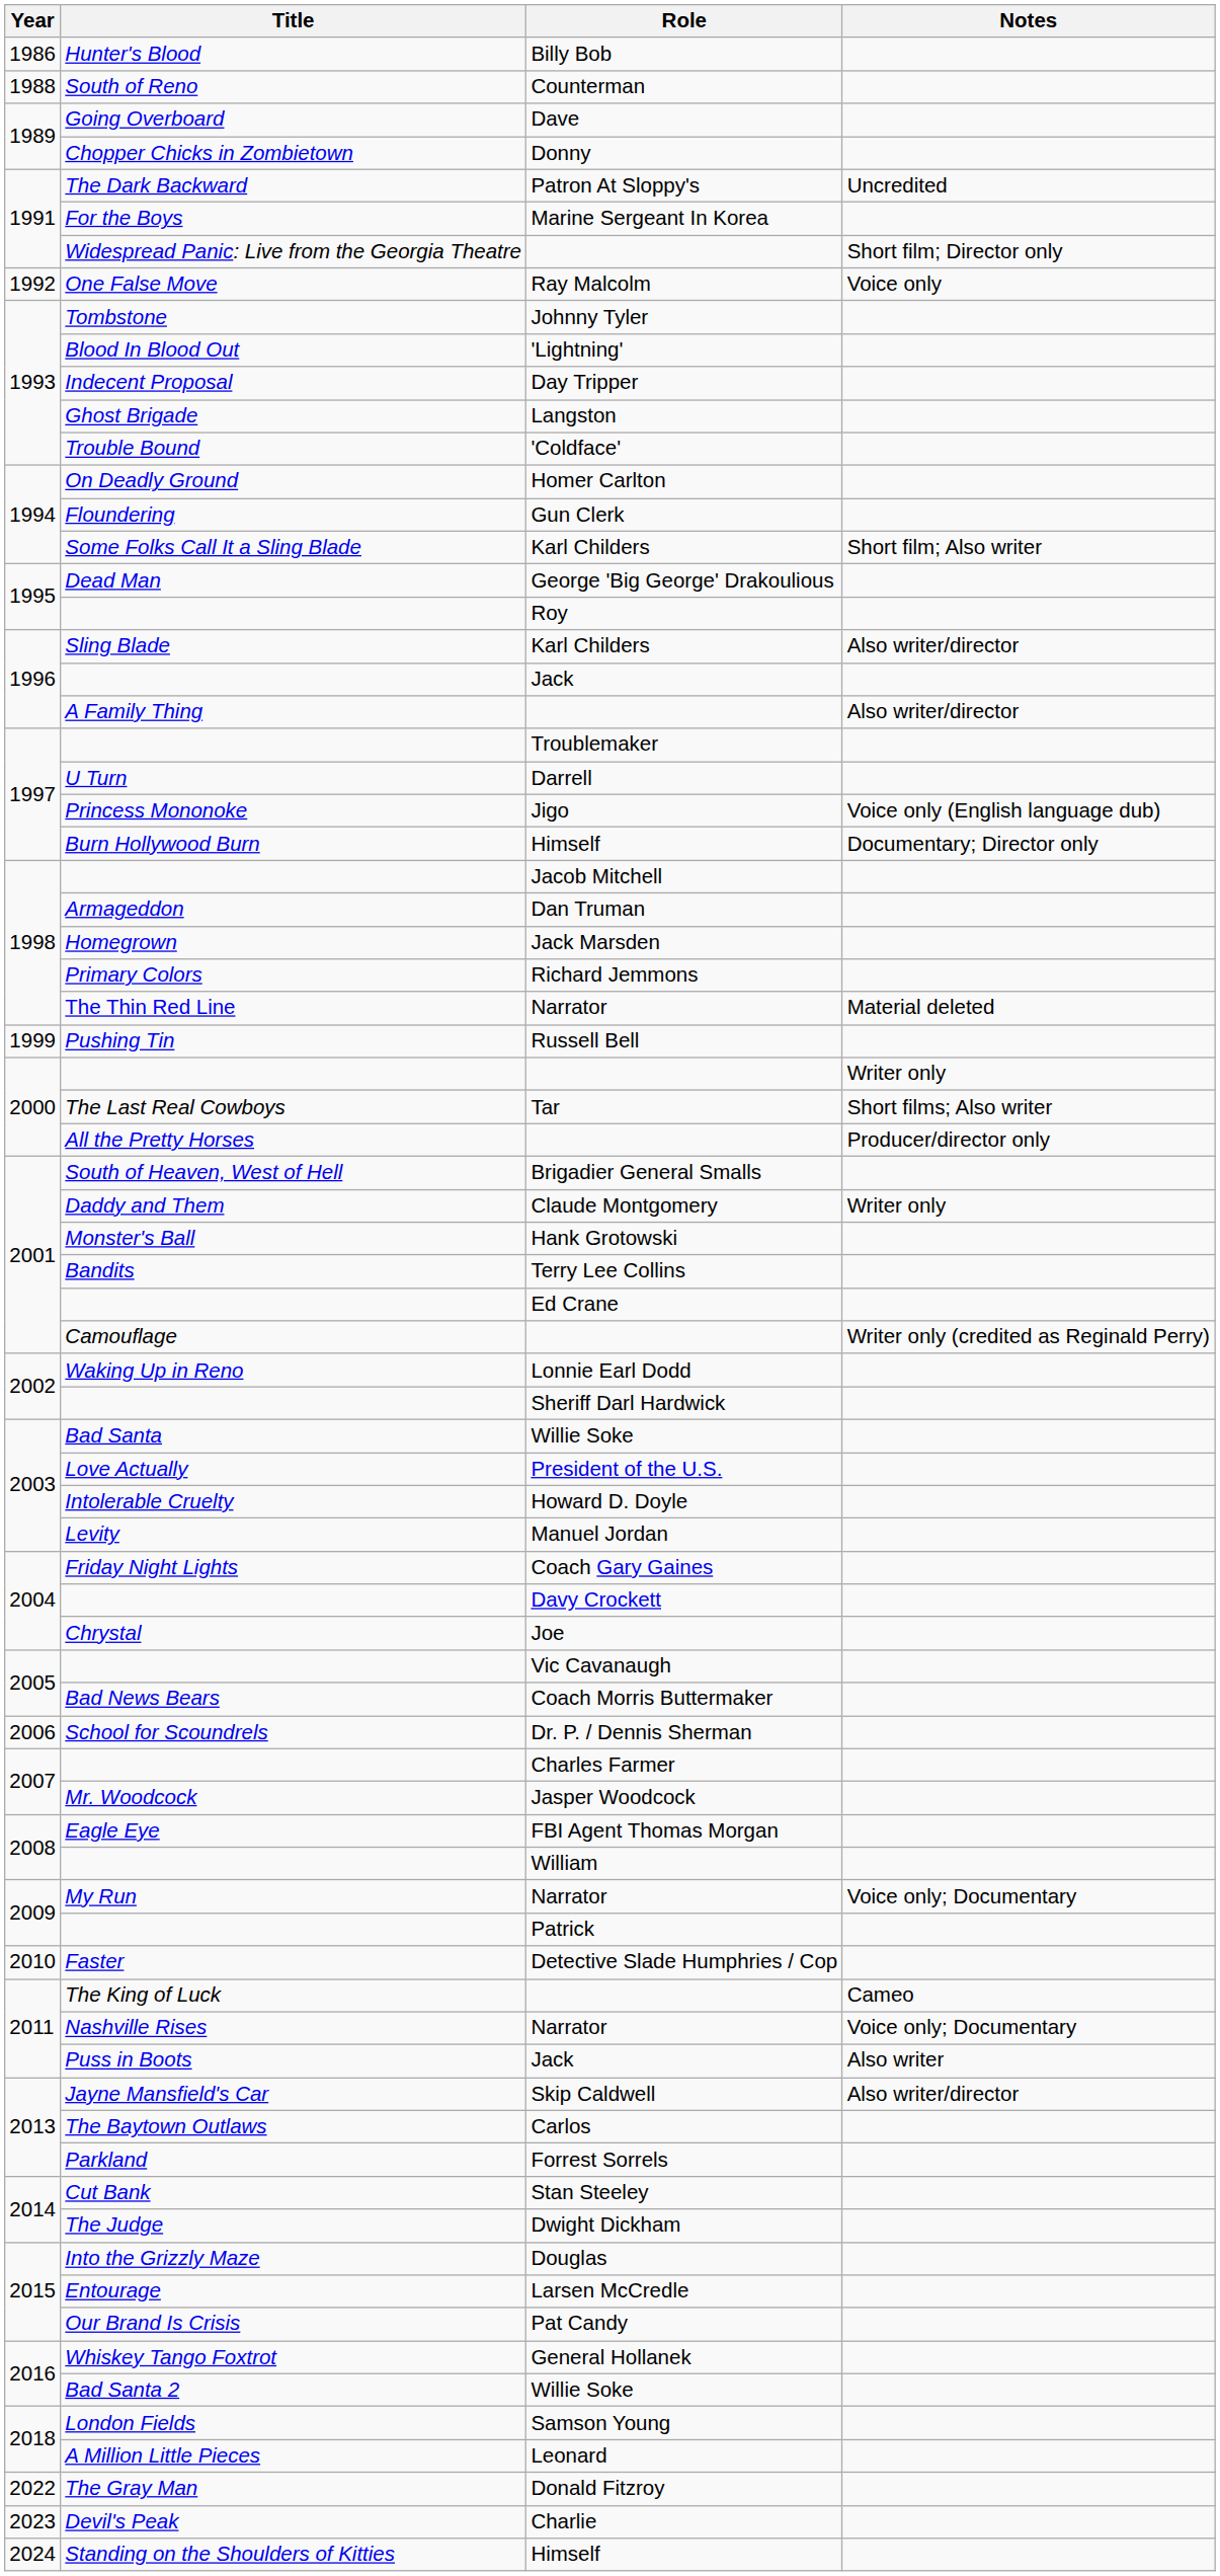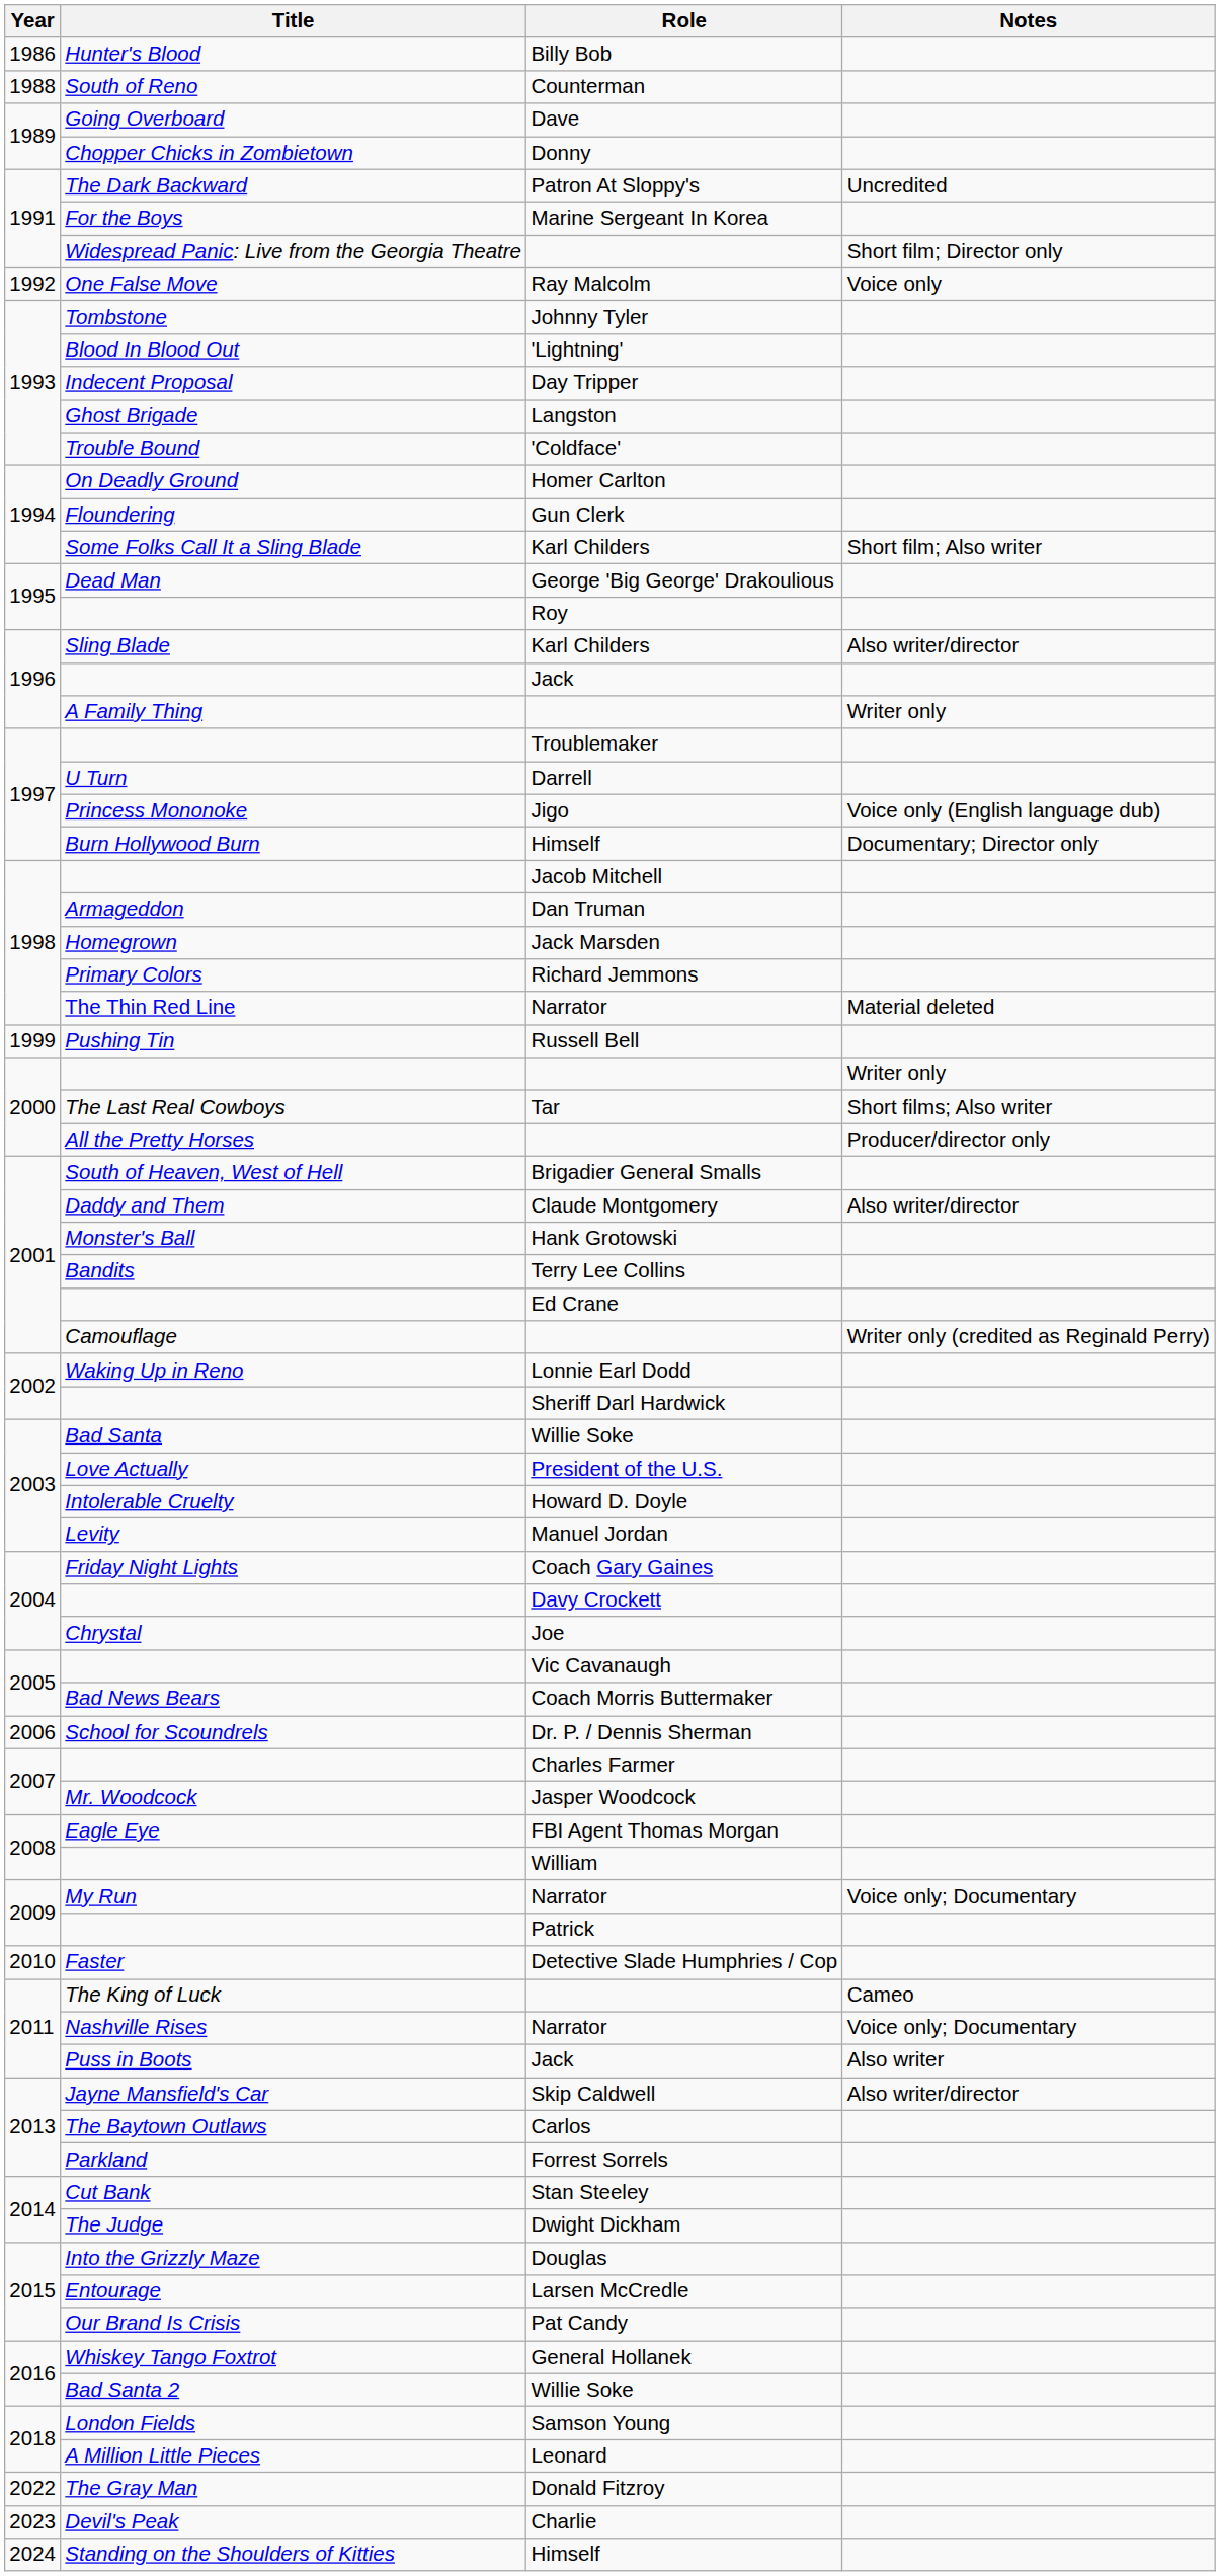 <table class="wikitable sortable">
 <tr>
 <th>Year</th>
 <th>Title</th>
 <th>Role</th>
 <th class="unsortable">Notes</th>
 </tr>
 <tr>
 <td>1986</td>
 <td><em><a href='#'>Hunter's Blood</a></em></td>
 <td>Billy Bob</td>
 <td></td>
 </tr>
 <tr>
 <td>1988</td>
 <td><em><a href='#'>South of Reno</a></em></td>
 <td>Counterman</td>
 <td></td>
 </tr>
 <tr>
 <td rowspan="2">1989</td>
 <td><em><a href='#'>Going Overboard</a></em></td>
 <td>Dave</td>
 <td></td>
 </tr>
 <tr>
 <td><em><a href='#'>Chopper Chicks in Zombietown</a></em></td>
 <td>Donny</td>
 <td></td>
 </tr>
 <tr>
 <td rowspan="3">1991</td>
 <td><em><a href='#'>The Dark Backward</a></em></td>
 <td>Patron At Sloppy's</td>
 <td>Uncredited</td>
 </tr>
 <tr>
 <td><em><a href='#'>For the Boys</a></em></td>
 <td>Marine Sergeant In Korea</td>
 <td></td>
 </tr>
 <tr>
 <td><em><a href='#'>Widespread Panic</a>: Live from the Georgia Theatre</em></td>
 <td></td>
 <td>Short film; Director only</td>
 </tr>
 <tr>
 <td>1992</td>
 <td><em><a href='#'>One False Move</a></em></td>
 <td>Ray Malcolm</td>
 <td>Voice only</td>
 </tr>
 <tr>
 <td rowspan="5">1993</td>
 <td><em><a href='#'>Tombstone</a></em></td>
 <td>Johnny Tyler</td>
 <td></td>
 </tr>
 <tr>
 <td><em><a href='#'>Blood In Blood Out</a></em></td>
 <td>'Lightning'</td>
 <td></td>
 </tr>
 <tr>
 <td><em><a href='#'>Indecent Proposal</a></em></td>
 <td>Day Tripper</td>
 <td></td>
 </tr>
 <tr>
 <td><em><a href='#'>Ghost Brigade</a></em></td>
 <td>Langston</td>
 <td></td>
 </tr>
 <tr>
 <td><em><a href='#'>Trouble Bound</a></em></td>
 <td>'Coldface'</td>
 <td></td>
 </tr>
 <tr>
 <td rowspan="3">1994</td>
 <td><em><a href='#'>On Deadly Ground</a></em></td>
 <td>Homer Carlton</td>
 <td></td>
 </tr>
 <tr>
 <td><em><a href='#'>Floundering</a></em></td>
 <td>Gun Clerk</td>
 <td></td>
 </tr>
 <tr>
 <td><em><a href='#'>Some Folks Call It a Sling Blade</a></em></td>
 <td>Karl Childers</td>
 <td>Short film; Also writer</td>
 </tr>
 <tr>
 <td rowspan="2">1995</td>
 <td><em><a href='#'>Dead Man</a></em></td>
 <td>George 'Big George' Drakoulious</td>
 <td></td>
 </tr>
 <tr>
 <td><em></em></td>
 <td>Roy</td>
 <td></td>
 </tr>
 <tr>
 <td rowspan="3">1996</td>
 <td><em><a href='#'>Sling Blade</a></em></td>
 <td>Karl Childers</td>
 <td>Also writer/director</td>
 </tr>
 <tr>
 <td><em></em></td>
 <td>Jack</td>
 <td></td>
 </tr>
 <tr>
 <td><em><a href='#'>A Family Thing</a></em></td>
 <td></td>
-<td>Also writer/director</td>
+<td>Writer only</td>
 </tr>
 <tr>
 <td rowspan="4">1997</td>
 <td><em></em></td>
 <td>Troublemaker</td>
 <td></td>
 </tr>
 <tr>
 <td><em><a href='#'>U Turn</a></em></td>
 <td>Darrell</td>
 <td></td>
 </tr>
 <tr>
 <td><em><a href='#'>Princess Mononoke</a></em></td>
 <td>Jigo</td>
 <td>Voice only (English language dub)</td>
 </tr>
 <tr>
 <td><em><a href='#'>Burn Hollywood Burn</a></em></td>
 <td>Himself</td>
 <td>Documentary; Director only</td>
 </tr>
 <tr>
 <td rowspan="5">1998</td>
 <td><em></em></td>
 <td>Jacob Mitchell</td>
 <td></td>
 </tr>
 <tr>
 <td><em><a href='#'>Armageddon</a></em></td>
 <td>Dan Truman</td>
 <td></td>
 </tr>
 <tr>
 <td><em><a href='#'>Homegrown</a></em></td>
 <td>Jack Marsden</td>
 <td></td>
 </tr>
 <tr>
 <td><em><a href='#'>Primary Colors</a></em></td>
 <td>Richard Jemmons</td>
 <td></td>
 </tr>
 <tr>
 <td><em><a href='#'></em>The Thin Red Line<em></a></em></td>
 <td>Narrator</td>
 <td>Material deleted </td>
 </tr>
 <tr>
 <td>1999</td>
 <td><em><a href='#'>Pushing Tin</a></em></td>
 <td>Russell Bell</td>
 <td></td>
 </tr>
 <tr>
 <td rowspan="3">2000</td>
 <td><em></em></td>
 <td></td>
 <td>Writer only</td>
 </tr>
 <tr>
 <td><em>The Last Real Cowboys</em></td>
 <td>Tar</td>
 <td>Short films; Also writer</td>
 </tr>
 <tr>
 <td><em><a href='#'>All the Pretty Horses</a></em></td>
 <td></td>
 <td>Producer/director only</td>
 </tr>
 <tr>
 <td rowspan="6">2001</td>
 <td><em><a href='#'>South of Heaven, West of Hell</a></em></td>
 <td>Brigadier General Smalls</td>
 <td></td>
 </tr>
 <tr>
 <td><em><a href='#'>Daddy and Them</a></em></td>
 <td>Claude Montgomery</td>
-<td>Writer only</td>
+<td>Also writer/director</td>
 </tr>
 <tr>
 <td><em><a href='#'>Monster's Ball</a></em></td>
 <td>Hank Grotowski</td>
 <td></td>
 </tr>
 <tr>
 <td><em><a href='#'>Bandits</a></em></td>
 <td>Terry Lee Collins</td>
 <td></td>
 </tr>
 <tr>
 <td><em></em></td>
 <td>Ed Crane</td>
 <td></td>
 </tr>
 <tr>
 <td><em>Camouflage</em></td>
 <td></td>
 <td>Writer only (credited as Reginald Perry)</td>
 </tr>
 <tr>
 <td rowspan="2">2002</td>
 <td><em><a href='#'>Waking Up in Reno</a></em></td>
 <td>Lonnie Earl Dodd</td>
 <td></td>
 </tr>
 <tr>
 <td><em></em></td>
 <td>Sheriff Darl Hardwick</td>
 <td></td>
 </tr>
 <tr>
 <td rowspan="4">2003</td>
 <td><em><a href='#'>Bad Santa</a></em></td>
 <td>Willie Soke</td>
 <td></td>
 </tr>
 <tr>
 <td><em><a href='#'>Love Actually</a></em></td>
 <td><a href='#'>President of the U.S.</a></td>
 <td></td>
 </tr>
 <tr>
 <td><em><a href='#'>Intolerable Cruelty</a></em></td>
 <td>Howard D. Doyle</td>
 <td></td>
 </tr>
 <tr>
 <td><em><a href='#'>Levity</a></em></td>
 <td>Manuel Jordan</td>
 <td></td>
 </tr>
 <tr>
 <td rowspan="3">2004</td>
 <td><em><a href='#'>Friday Night Lights</a></em></td>
 <td>Coach <a href='#'>Gary Gaines</a></td>
 <td></td>
 </tr>
 <tr>
 <td><em></em></td>
 <td><a href='#'>Davy Crockett</a></td>
 <td></td>
 </tr>
 <tr>
 <td><em><a href='#'>Chrystal</a></em></td>
 <td>Joe</td>
 <td></td>
 </tr>
 <tr>
 <td rowspan="2">2005</td>
 <td><em></em></td>
 <td>Vic Cavanaugh</td>
 <td></td>
 </tr>
 <tr>
 <td><em><a href='#'>Bad News Bears</a></em></td>
 <td>Coach Morris Buttermaker</td>
 <td></td>
 </tr>
 <tr>
 <td>2006</td>
 <td><em><a href='#'>School for Scoundrels</a></em></td>
 <td>Dr. P. / Dennis Sherman</td>
 <td></td>
 </tr>
 <tr>
 <td rowspan="2">2007</td>
 <td><em></em></td>
 <td>Charles Farmer</td>
 <td></td>
 </tr>
 <tr>
 <td><em><a href='#'>Mr. Woodcock</a></em></td>
 <td>Jasper Woodcock</td>
 <td></td>
 </tr>
 <tr>
 <td rowspan="2">2008</td>
 <td><em><a href='#'>Eagle Eye</a></em></td>
 <td>FBI Agent Thomas Morgan</td>
 <td></td>
 </tr>
 <tr>
 <td><em></em></td>
 <td>William</td>
 <td></td>
 </tr>
 <tr>
 <td rowspan="2">2009</td>
 <td><em><a href='#'>My Run</a></em></td>
 <td>Narrator</td>
 <td>Voice only; Documentary</td>
 </tr>
 <tr>
 <td><em></em></td>
 <td>Patrick</td>
 <td></td>
 </tr>
 <tr>
 <td>2010</td>
 <td><em><a href='#'>Faster</a></em></td>
 <td>Detective Slade Humphries / Cop</td>
 <td></td>
 </tr>
 <tr>
 <td rowspan="3">2011</td>
 <td><em>The King of Luck</em></td>
 <td></td>
 <td>Cameo</td>
 </tr>
 <tr>
 <td><em><a href='#'>Nashville Rises</a></em></td>
 <td>Narrator</td>
 <td>Voice only; Documentary</td>
 </tr>
 <tr>
 <td><em><a href='#'>Puss in Boots</a></em></td>
 <td>Jack</td>
 <td>Also writer</td>
 </tr>
 <tr>
 <td rowspan="3">2013</td>
 <td><em><a href='#'>Jayne Mansfield's Car</a></em></td>
 <td>Skip Caldwell</td>
 <td>Also writer/director</td>
 </tr>
 <tr>
 <td><em><a href='#'>The Baytown Outlaws</a></em></td>
 <td>Carlos</td>
 <td></td>
 </tr>
 <tr>
 <td><em><a href='#'>Parkland</a></em></td>
 <td>Forrest Sorrels</td>
 <td></td>
 </tr>
 <tr>
 <td rowspan="2">2014</td>
 <td><em><a href='#'>Cut Bank</a></em></td>
 <td>Stan Steeley</td>
 <td></td>
 </tr>
 <tr>
 <td><em><a href='#'>The Judge</a></em></td>
 <td>Dwight Dickham</td>
 <td></td>
 </tr>
 <tr>
 <td rowspan="3">2015</td>
 <td><em><a href='#'>Into the Grizzly Maze</a></em></td>
 <td>Douglas</td>
 <td></td>
 </tr>
 <tr>
 <td><em><a href='#'>Entourage</a></em></td>
 <td>Larsen McCredle</td>
 <td></td>
 </tr>
 <tr>
 <td><em><a href='#'>Our Brand Is Crisis</a></em></td>
 <td>Pat Candy</td>
 <td></td>
 </tr>
 <tr>
 <td rowspan="2">2016</td>
 <td><em><a href='#'>Whiskey Tango Foxtrot</a></em></td>
 <td>General Hollanek</td>
 <td></td>
 </tr>
 <tr>
 <td><em><a href='#'>Bad Santa 2</a></em></td>
 <td>Willie Soke</td>
 <td></td>
 </tr>
 <tr>
 <td rowspan="2">2018</td>
 <td><em><a href='#'>London Fields</a></em></td>
 <td>Samson Young</td>
 <td></td>
 </tr>
 <tr>
 <td><em><a href='#'>A Million Little Pieces</a></em></td>
 <td>Leonard</td>
 <td></td>
 </tr>
 <tr>
 <td>2022</td>
 <td><em><a href='#'>The Gray Man</a></em></td>
 <td>Donald Fitzroy</td>
 <td></td>
 </tr>
 <tr>
 <td>2023</td>
 <td><em><a href='#'>Devil's Peak</a></em></td>
 <td>Charlie</td>
 <td></td>
 </tr>
 <tr>
 <td>2024</td>
 <td><em><a href='#'>Standing on the Shoulders of Kitties</a></em></td>
 <td>Himself</td>
 <td></td>
 </tr>
 </table>
